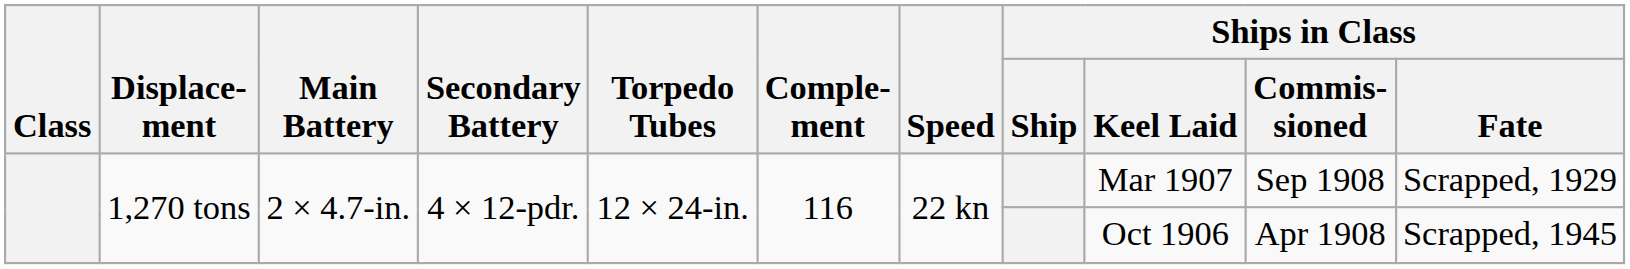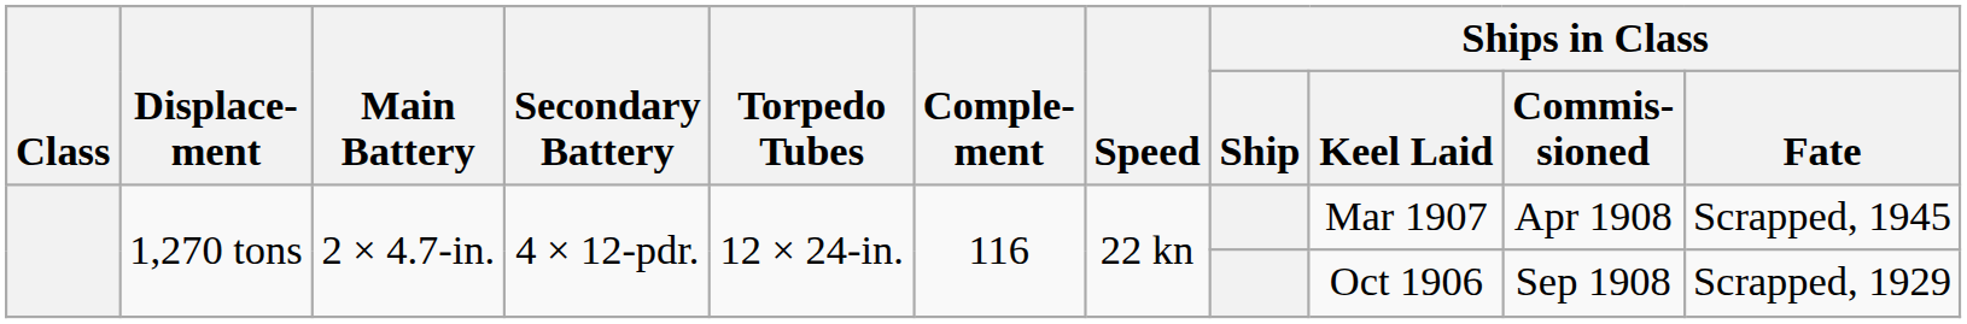 <table class="wikitable plainrowheaders" style="text-align: center;">
 <tr valign="bottom">
 <th scope="col" rowspan="2">Class</th>
 <th scope="col" rowspan="2">Displace-<br>ment</th>
 <th scope="col" rowspan="2">Main<br>Battery</th>
 <th scope="col" rowspan="2">Secondary<br>Battery</th>
 <th scope="col" rowspan="2">Torpedo<br>Tubes</th>
 <th scope="col" rowspan="2">Comple-<br>ment</th>
 <th scope="col" rowspan="2">Speed</th>
 <th scope="col" colspan="5">Ships in Class</th>
 </tr>
 <tr valign="bottom">
 <th scope="col">Ship</th>
 <th scope="col">Keel Laid</th>
 <th scope="col">Commis-<br>sioned</th>
 <th scope="col">Fate</th>
 </tr>
 <tr>
 <th scope="row" rowspan="2"></th>
 <td scope="row" rowspan="2" style="text-align: center">1,270 tons</td>
 <td scope="row" rowspan="2" style="text-align: center">2 × 4.7-in.</td>
 <td scope="row" rowspan="2" style="text-align: center">4 × 12-pdr.</td>
 <td scope="row" rowspan="2" style="text-align: center">12 × 24-in.</td>
 <td scope="row" rowspan="2" style="text-align: center">116</td>
 <td scope="row" rowspan="2" style="text-align: center">22 kn</td>
 <th scope="row"></th>
 <td scope="row" style="text-align: center">Mar 1907</td>
-<td scope="row" style="text-align: center">Sep 1908</td>
-<td scope="row" style="text-align: center">Scrapped, 1929</td>
+<td scope="row" style="text-align: center">Apr 1908</td>
+<td scope="row" style="text-align: center">Scrapped, 1945</td>
 </tr>
 <tr>
 <th scope="row"></th>
 <td scope="row" style="text-align: center">Oct 1906</td>
-<td scope="row" style="text-align: center">Apr 1908</td>
-<td scope="row" style="text-align: center">Scrapped, 1945</td>
+<td scope="row" style="text-align: center">Sep 1908</td>
+<td scope="row" style="text-align: center">Scrapped, 1929</td>
 </tr>
 </table>
